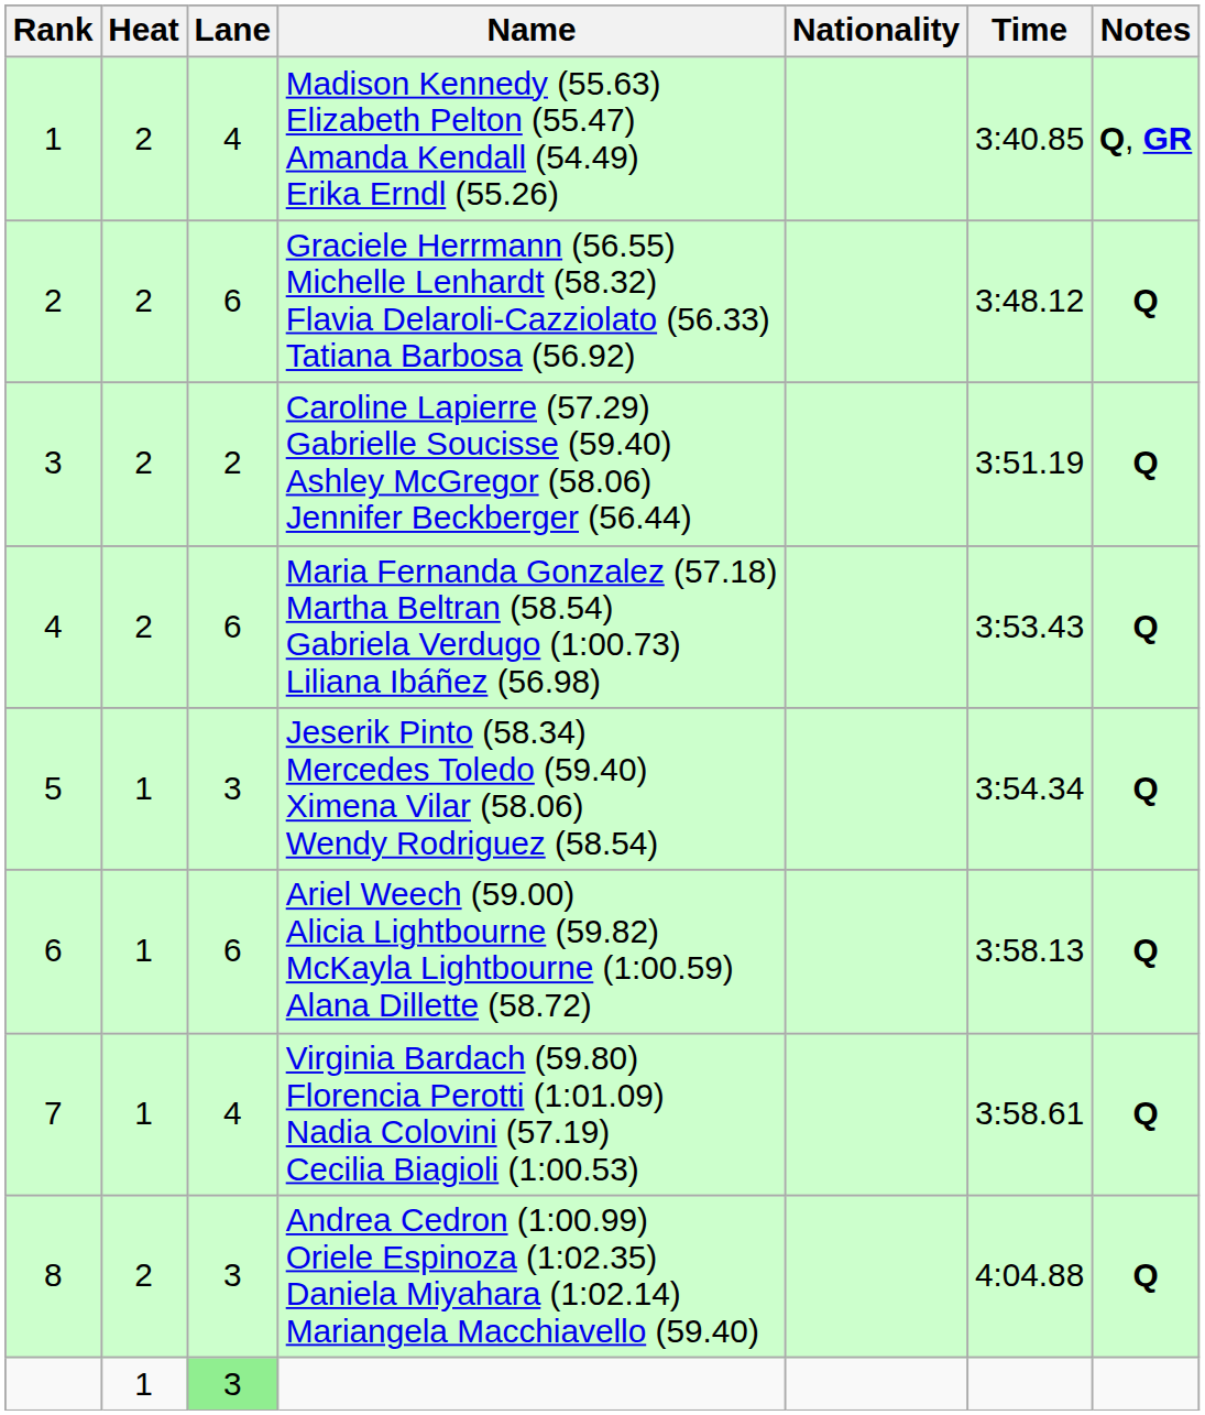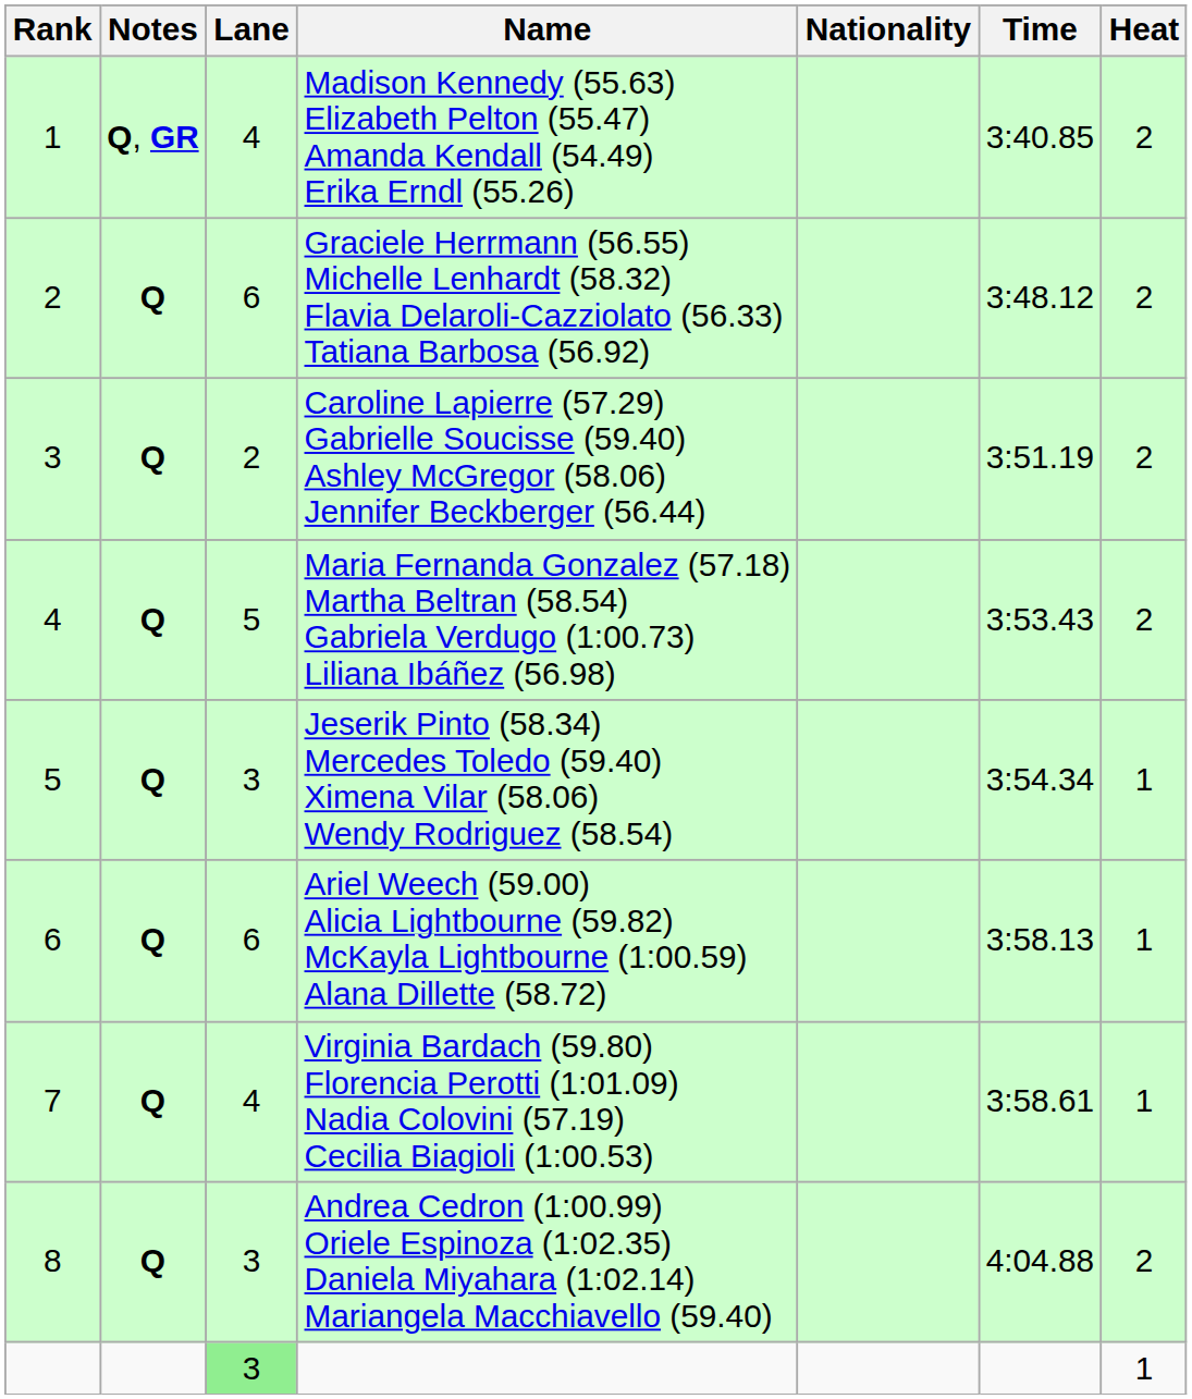 <table class="wikitable sortable" style="text-align:center">
 <tr>
 <th>Rank</th>
-<th>Heat</th>
+<th>Notes</th>
 <th>Lane</th>
 <th>Name</th>
 <th>Nationality</th>
 <th>Time</th>
-<th>Notes</th>
+<th>Heat</th>
 </tr>
 <tr bgcolor=ccffcc>
 <td>1</td>
-<td>2</td>
+<td><strong>Q</strong>, <strong><a href='#'>GR</a></strong></td>
 <td>4</td>
 <td align=left><a href='#'>Madison Kennedy</a> (55.63)<br><a href='#'>Elizabeth Pelton</a> (55.47)<br><a href='#'>Amanda Kendall</a> (54.49)<br><a href='#'>Erika Erndl</a> (55.26)</td>
 <td align=left></td>
 <td>3:40.85</td>
-<td><strong>Q</strong>, <strong><a href='#'>GR</a></strong></td>
+<td>2</td>
 </tr>
 <tr bgcolor=ccffcc>
 <td>2</td>
-<td>2</td>
+<td><strong>Q</strong></td>
 <td>6</td>
 <td align=left><a href='#'>Graciele Herrmann</a> (56.55)<br><a href='#'>Michelle Lenhardt</a> (58.32)<br><a href='#'>Flavia Delaroli-Cazziolato</a> (56.33)<br><a href='#'>Tatiana Barbosa</a> (56.92)</td>
 <td align=left></td>
 <td>3:48.12</td>
-<td><strong>Q</strong></td>
+<td>2</td>
 </tr>
 <tr bgcolor=ccffcc>
 <td>3</td>
-<td>2</td>
+<td><strong>Q</strong></td>
 <td>2</td>
 <td align=left><a href='#'>Caroline Lapierre</a> (57.29)<br><a href='#'>Gabrielle Soucisse</a> (59.40)<br><a href='#'>Ashley McGregor</a> (58.06)<br><a href='#'>Jennifer Beckberger</a> (56.44)</td>
 <td align=left></td>
 <td>3:51.19</td>
-<td><strong>Q</strong></td>
+<td>2</td>
 </tr>
 <tr bgcolor=ccffcc>
 <td>4</td>
-<td>2</td>
-<td>6</td>
+<td><strong>Q</strong></td>
+<td>5</td>
 <td align=left><a href='#'>Maria Fernanda Gonzalez</a> (57.18)<br><a href='#'>Martha Beltran</a> (58.54)<br><a href='#'>Gabriela Verdugo</a> (1:00.73)<br><a href='#'>Liliana Ibáñez</a> (56.98)</td>
 <td align=left></td>
 <td>3:53.43</td>
-<td><strong>Q</strong></td>
+<td>2</td>
 </tr>
 <tr bgcolor=ccffcc>
 <td>5</td>
-<td>1</td>
+<td><strong>Q</strong></td>
 <td>3</td>
 <td align=left><a href='#'>Jeserik Pinto</a> (58.34)<br><a href='#'>Mercedes Toledo</a> (59.40)<br><a href='#'>Ximena Vilar</a> (58.06)<br><a href='#'>Wendy Rodriguez</a> (58.54)</td>
 <td align=left></td>
 <td>3:54.34</td>
-<td><strong>Q</strong></td>
+<td>1</td>
 </tr>
 <tr bgcolor=ccffcc>
 <td>6</td>
-<td>1</td>
+<td><strong>Q</strong></td>
 <td>6</td>
 <td align=left><a href='#'>Ariel Weech</a> (59.00)<br><a href='#'>Alicia Lightbourne</a> (59.82)<br><a href='#'>McKayla Lightbourne</a> (1:00.59)<br><a href='#'>Alana Dillette</a> (58.72)</td>
 <td align=left></td>
 <td>3:58.13</td>
-<td><strong>Q</strong></td>
+<td>1</td>
 </tr>
 <tr bgcolor=ccffcc>
 <td>7</td>
-<td>1</td>
+<td><strong>Q</strong></td>
 <td>4</td>
 <td align=left><a href='#'>Virginia Bardach</a> (59.80)<br><a href='#'>Florencia Perotti</a> (1:01.09)<br><a href='#'>Nadia Colovini</a> (57.19)<br><a href='#'>Cecilia Biagioli</a> (1:00.53)</td>
 <td align=left></td>
 <td>3:58.61</td>
-<td><strong>Q</strong></td>
+<td>1</td>
 </tr>
 <tr bgcolor=ccffcc>
 <td>8</td>
-<td>2</td>
+<td><strong>Q</strong></td>
 <td>3</td>
 <td align=left><a href='#'>Andrea Cedron</a> (1:00.99)<br><a href='#'>Oriele Espinoza</a> (1:02.35)<br><a href='#'>Daniela Miyahara</a> (1:02.14)<br><a href='#'>Mariangela Macchiavello</a> (59.40)</td>
 <td align=left></td>
 <td>4:04.88</td>
-<td><strong>Q</strong></td>
+<td>2</td>
 </tr>
 <tr>
 <td></td>
-<td>1</td>
+<td></td>
 <td style="background: lightgreen;">3</td>
 <td align=left></td>
 <td align=left></td>
 <td></td>
-<td></td>
+<td>1</td>
 </tr>
 </table>
